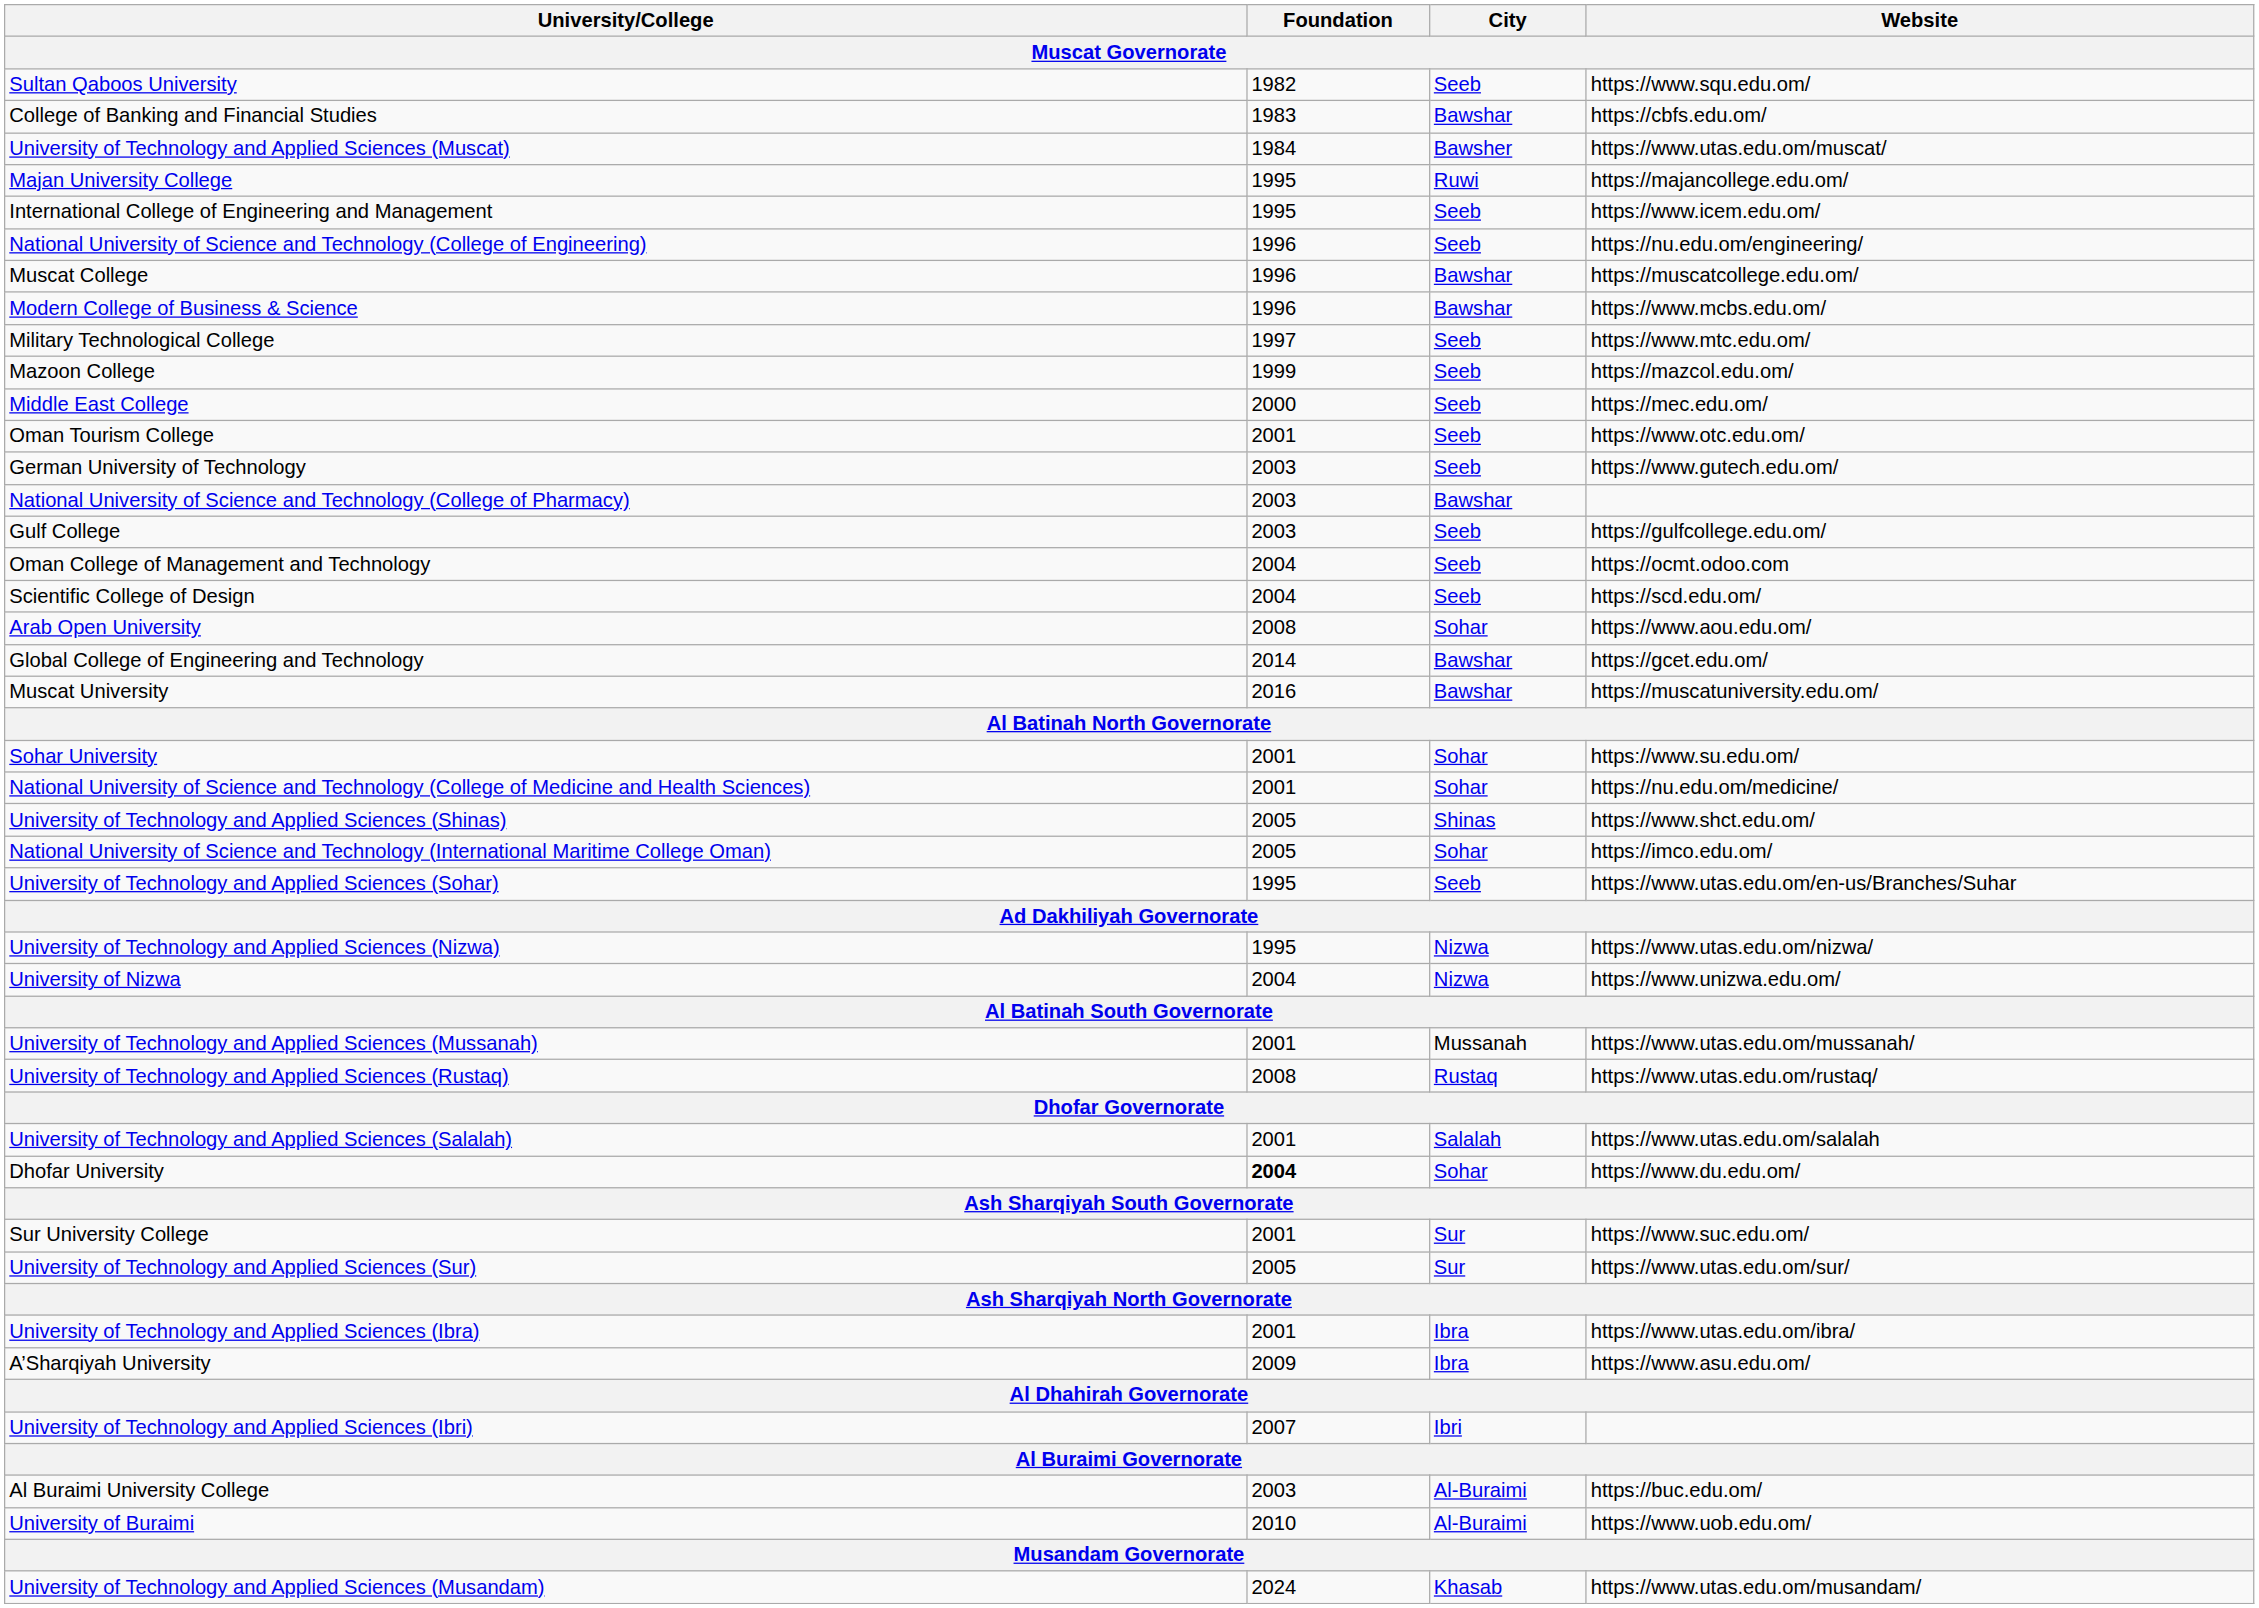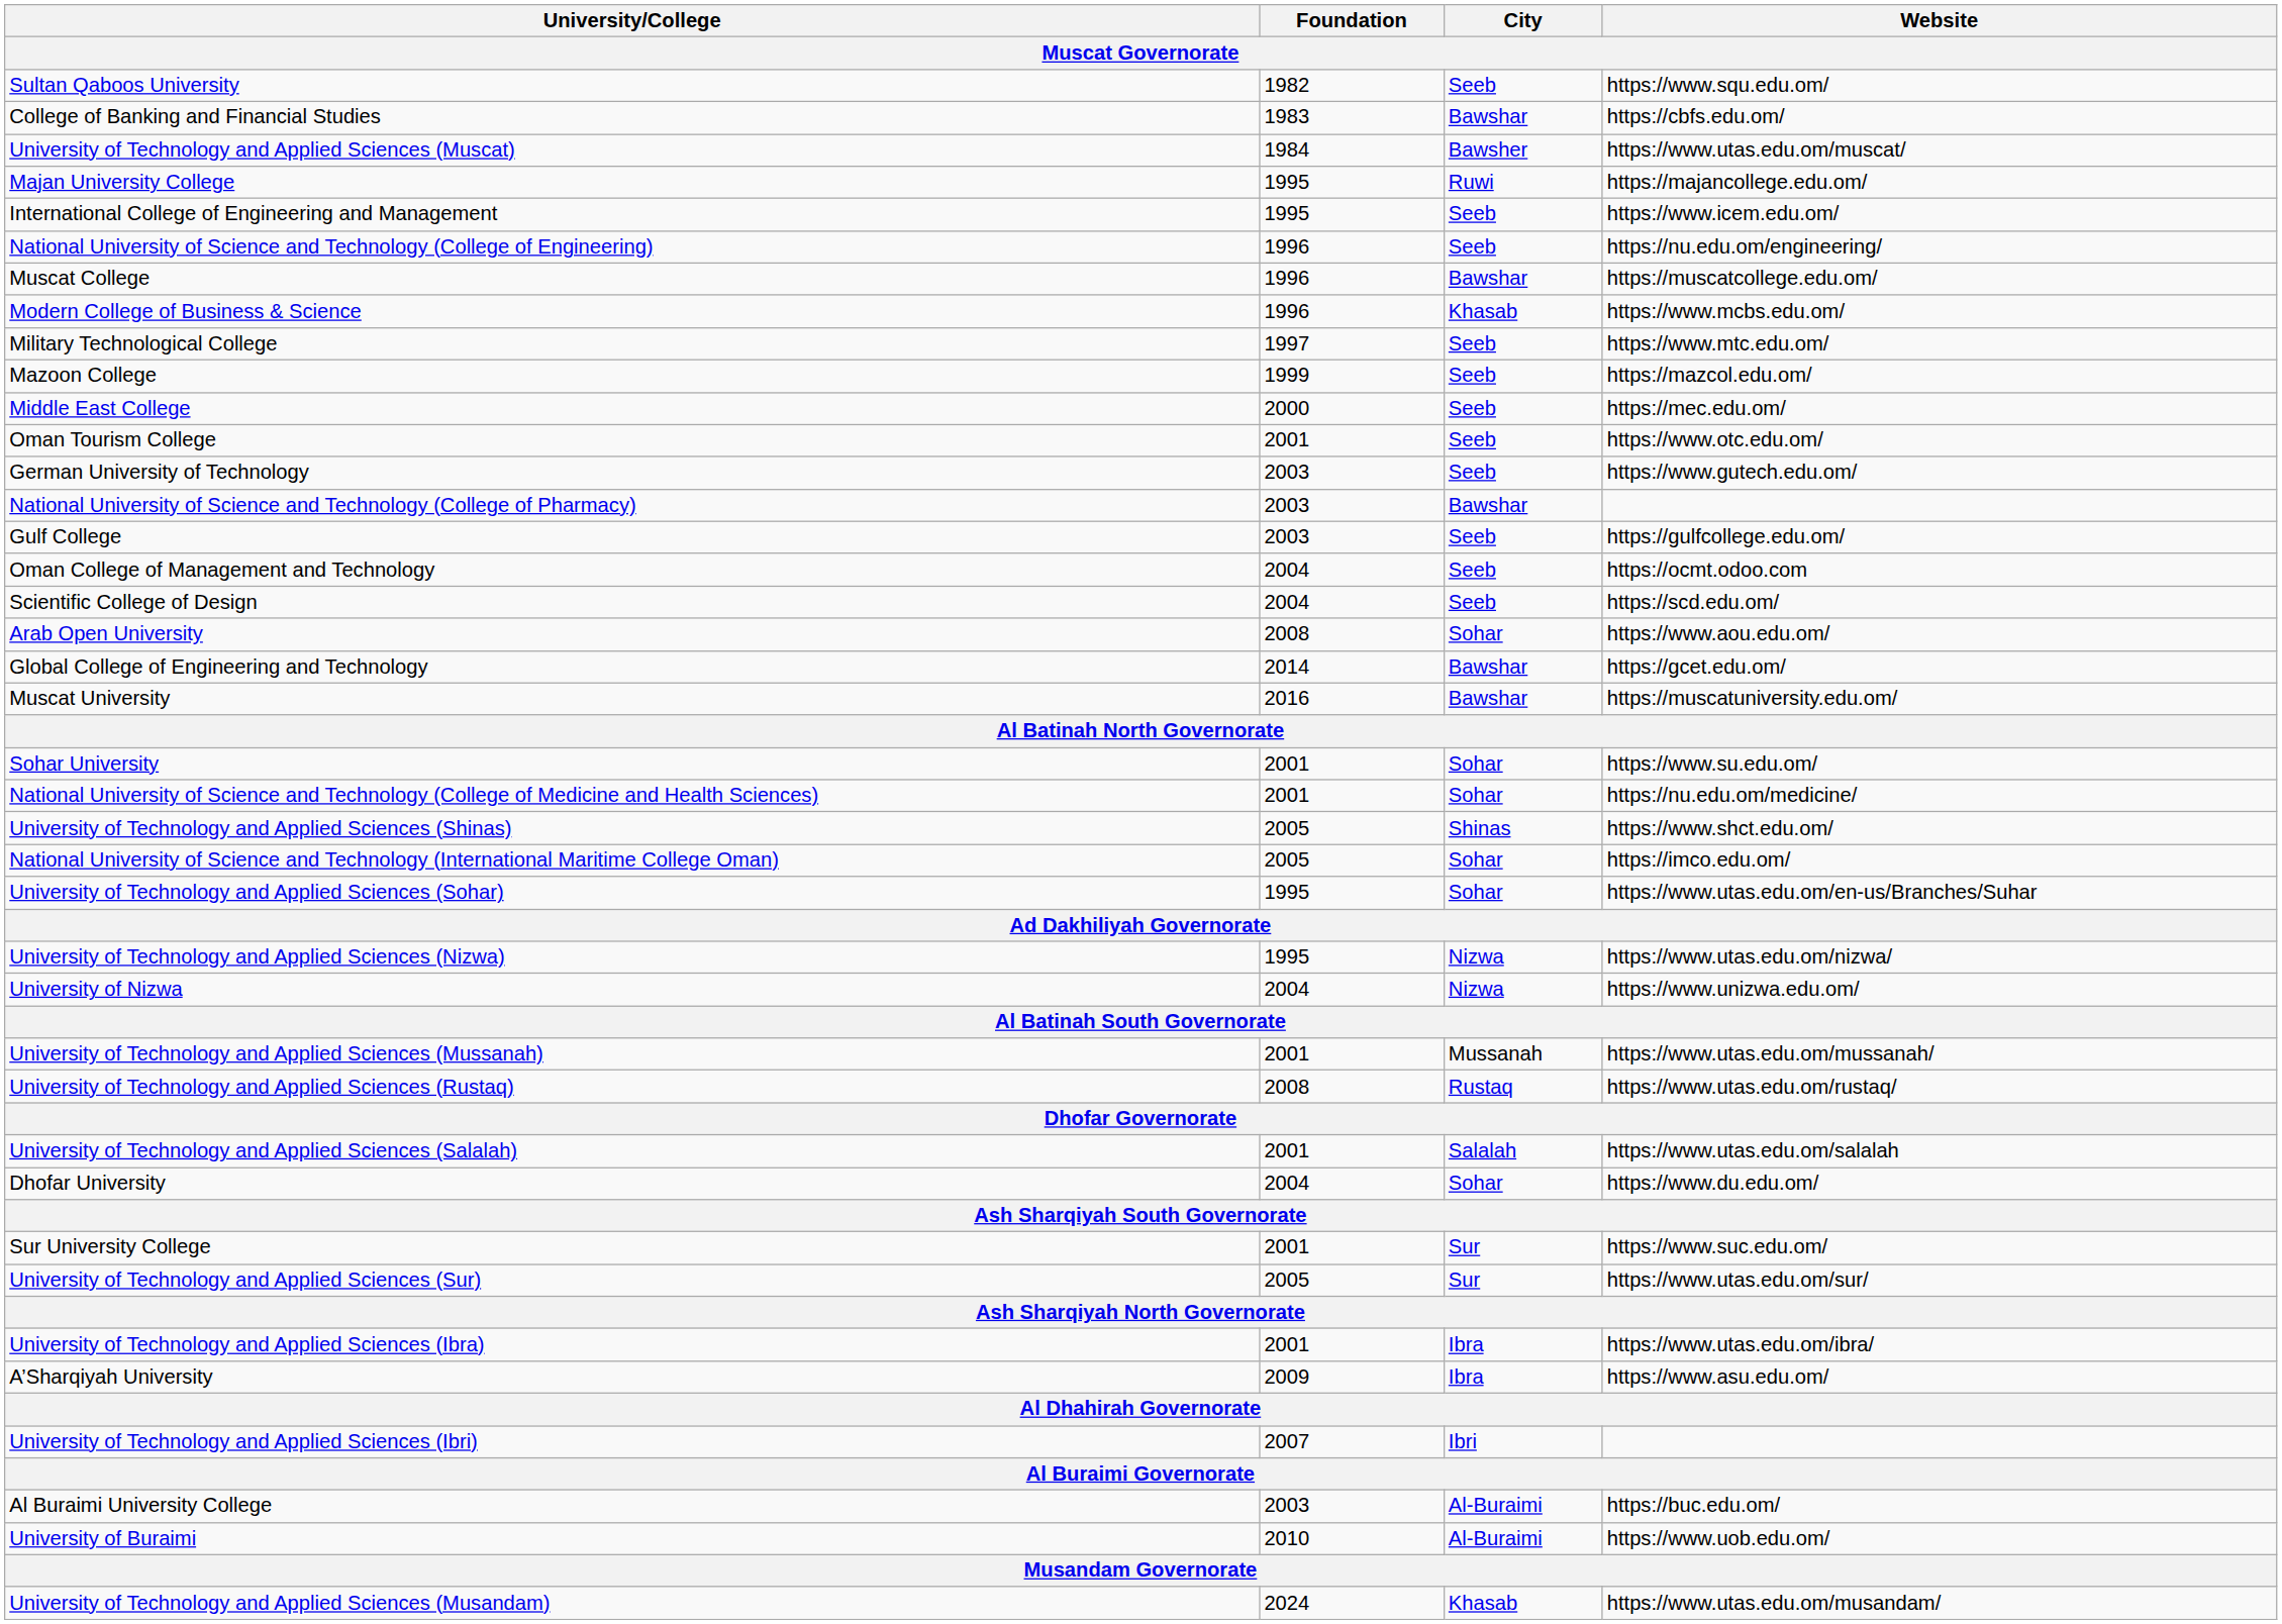 <table class="wikitable" width="90%">
 <tr>
 <th>University/College</th>
 <th>Foundation</th>
 <th>City</th>
 <th><strong>Website</strong></th>
 </tr>
 <tr>
 <th colspan="4"><a href='#'>Muscat Governorate</a></th>
 </tr>
 <tr>
 <td><a href='#'>Sultan Qaboos University</a></td>
 <td>1982</td>
 <td><a href='#'>Seeb</a></td>
 <td>https://www.squ.edu.om/</td>
 </tr>
 <tr>
 <td>College of Banking and Financial Studies</td>
 <td>1983</td>
 <td><a href='#'>Bawshar</a></td>
 <td>https://cbfs.edu.om/</td>
 </tr>
 <tr>
 <td><a href='#'>University of Technology and Applied Sciences (Muscat)</a></td>
 <td>1984</td>
 <td><a href='#'>Bawsher</a></td>
 <td>https://www.utas.edu.om/muscat/</td>
 </tr>
 <tr>
 <td><a href='#'>Majan University College</a></td>
 <td>1995</td>
 <td><a href='#'>Ruwi</a></td>
 <td>https://majancollege.edu.om/</td>
 </tr>
 <tr>
 <td>International College of Engineering and Management</td>
 <td>1995</td>
 <td><a href='#'>Seeb</a></td>
 <td>https://www.icem.edu.om/</td>
 </tr>
 <tr>
 <td><a href='#'>National University of Science and Technology (College of Engineering)</a></td>
 <td>1996</td>
 <td><a href='#'>Seeb</a></td>
 <td>https://nu.edu.om/engineering/</td>
 </tr>
 <tr>
 <td>Muscat College</td>
 <td>1996</td>
 <td><a href='#'>Bawshar</a></td>
 <td>https://muscatcollege.edu.om/</td>
 </tr>
 <tr>
 <td><a href='#'>Modern College of Business & Science</a></td>
 <td>1996</td>
-<td><a href='#'>Bawshar</a></td>
+<td><a href='#'>Khasab</a></td>
 <td>https://www.mcbs.edu.om/</td>
 </tr>
 <tr>
 <td>Military Technological College</td>
 <td>1997</td>
 <td><a href='#'>Seeb</a></td>
 <td>https://www.mtc.edu.om/</td>
 </tr>
 <tr>
 <td>Mazoon College</td>
 <td>1999</td>
 <td><a href='#'>Seeb</a></td>
 <td>https://mazcol.edu.om/</td>
 </tr>
 <tr>
 <td><a href='#'>Middle East College</a></td>
 <td>2000</td>
 <td><a href='#'>Seeb</a></td>
 <td>https://mec.edu.om/</td>
 </tr>
 <tr>
 <td>Oman Tourism College</td>
 <td>2001</td>
 <td><a href='#'>Seeb</a></td>
 <td>https://www.otc.edu.om/</td>
 </tr>
 <tr>
 <td>German University of Technology</td>
 <td>2003</td>
 <td><a href='#'>Seeb</a></td>
 <td>https://www.gutech.edu.om/</td>
 </tr>
 <tr>
 <td><a href='#'>National University of Science and Technology (College of Pharmacy)</a></td>
 <td>2003</td>
 <td><a href='#'>Bawshar</a></td>
 <td></td>
 </tr>
 <tr>
 <td>Gulf College</td>
 <td>2003</td>
 <td><a href='#'>Seeb</a></td>
 <td>https://gulfcollege.edu.om/</td>
 </tr>
 <tr>
 <td>Oman College of Management and Technology</td>
 <td>2004</td>
 <td><a href='#'>Seeb</a></td>
 <td>https://ocmt.odoo.com</td>
 </tr>
 <tr>
 <td>Scientific College of Design</td>
 <td>2004</td>
 <td><a href='#'>Seeb</a></td>
 <td>https://scd.edu.om/</td>
 </tr>
 <tr>
 <td><a href='#'>Arab Open University</a></td>
 <td>2008</td>
 <td><a href='#'>Sohar</a></td>
 <td>https://www.aou.edu.om/</td>
 </tr>
 <tr>
 <td>Global College of Engineering and Technology</td>
 <td>2014</td>
 <td><a href='#'>Bawshar</a></td>
 <td>https://gcet.edu.om/</td>
 </tr>
 <tr>
 <td>Muscat University</td>
 <td>2016</td>
 <td><a href='#'>Bawshar</a></td>
 <td>https://muscatuniversity.edu.om/</td>
 </tr>
 <tr>
 <th colspan="4"><a href='#'>Al Batinah North Governorate</a></th>
 </tr>
 <tr>
 <td><a href='#'>Sohar University</a></td>
 <td>2001</td>
 <td><a href='#'>Sohar</a></td>
 <td>https://www.su.edu.om/</td>
 </tr>
 <tr>
 <td><a href='#'>National University of Science and Technology (College of Medicine and Health Sciences)</a></td>
 <td>2001</td>
 <td><a href='#'>Sohar</a></td>
 <td>https://nu.edu.om/medicine/</td>
 </tr>
 <tr>
 <td><a href='#'>University of Technology and Applied Sciences (Shinas)</a></td>
 <td>2005</td>
 <td><a href='#'>Shinas</a></td>
 <td>https://www.shct.edu.om/</td>
 </tr>
 <tr>
 <td><a href='#'>National University of Science and Technology (International Maritime College Oman)</a></td>
 <td>2005</td>
 <td><a href='#'>Sohar</a></td>
 <td>https://imco.edu.om/</td>
 </tr>
 <tr>
 <td><a href='#'>University of Technology and Applied Sciences (Sohar)</a></td>
 <td>1995</td>
-<td><a href='#'>Seeb</a></td>
+<td><a href='#'>Sohar</a></td>
 <td>https://www.utas.edu.om/en-us/Branches/Suhar</td>
 </tr>
 <tr>
 <th colspan="4"><a href='#'>Ad Dakhiliyah Governorate</a></th>
 </tr>
 <tr>
 <td><a href='#'>University of Technology and Applied Sciences (Nizwa)</a></td>
 <td>1995</td>
 <td><a href='#'>Nizwa</a></td>
 <td>https://www.utas.edu.om/nizwa/</td>
 </tr>
 <tr>
 <td><a href='#'>University of Nizwa</a></td>
 <td>2004</td>
 <td><a href='#'>Nizwa</a></td>
 <td>https://www.unizwa.edu.om/</td>
 </tr>
 <tr>
 <th colspan="4"><a href='#'>Al Batinah South Governorate</a></th>
 </tr>
 <tr>
 <td><a href='#'>University of Technology and Applied Sciences (Mussanah)</a></td>
 <td>2001</td>
 <td>Mussanah</td>
 <td>https://www.utas.edu.om/mussanah/</td>
 </tr>
 <tr>
 <td><a href='#'>University of Technology and Applied Sciences (Rustaq)</a></td>
 <td>2008</td>
 <td><a href='#'>Rustaq</a></td>
 <td>https://www.utas.edu.om/rustaq/</td>
 </tr>
 <tr>
 <th colspan="4"><a href='#'>Dhofar Governorate</a></th>
 </tr>
 <tr>
 <td><a href='#'>University of Technology and Applied Sciences (Salalah)</a></td>
 <td>2001</td>
 <td><a href='#'>Salalah</a></td>
 <td>https://www.utas.edu.om/salalah</td>
 </tr>
 <tr>
 <td>Dhofar University</td>
-<td><strong>2004</strong></td>
+<td>2004</td>
 <td><a href='#'>Sohar</a></td>
 <td>https://www.du.edu.om/</td>
 </tr>
 <tr>
 <th colspan="4"><a href='#'>Ash Sharqiyah South Governorate</a></th>
 </tr>
 <tr>
 <td>Sur University College</td>
 <td>2001</td>
 <td><a href='#'>Sur</a></td>
 <td>https://www.suc.edu.om/</td>
 </tr>
 <tr>
 <td><a href='#'>University of Technology and Applied Sciences (Sur)</a></td>
 <td>2005</td>
 <td><a href='#'>Sur</a></td>
 <td>https://www.utas.edu.om/sur/</td>
 </tr>
 <tr>
 <th colspan="4"><a href='#'>Ash Sharqiyah North Governorate</a></th>
 </tr>
 <tr>
 <td><a href='#'>University of Technology and Applied Sciences (Ibra)</a></td>
 <td>2001</td>
 <td><a href='#'>Ibra</a></td>
 <td>https://www.utas.edu.om/ibra/</td>
 </tr>
 <tr>
 <td>A’Sharqiyah University</td>
 <td>2009</td>
 <td><a href='#'>Ibra</a></td>
 <td>https://www.asu.edu.om/</td>
 </tr>
 <tr>
 <th colspan="4"><a href='#'>Al Dhahirah Governorate</a></th>
 </tr>
 <tr>
 <td><a href='#'>University of Technology and Applied Sciences (Ibri)</a></td>
 <td>2007</td>
 <td><a href='#'>Ibri</a></td>
 <td></td>
 </tr>
 <tr>
 <th colspan="4"><a href='#'>Al Buraimi Governorate</a></th>
 </tr>
 <tr>
 <td>Al Buraimi University College</td>
 <td>2003</td>
 <td><a href='#'>Al-Buraimi</a></td>
 <td>https://buc.edu.om/</td>
 </tr>
 <tr>
 <td><a href='#'>University of Buraimi</a></td>
 <td>2010</td>
 <td><a href='#'>Al-Buraimi</a></td>
 <td>https://www.uob.edu.om/</td>
 </tr>
 <tr>
 <th colspan="4"><a href='#'>Musandam Governorate</a></th>
 </tr>
 <tr>
 <td><a href='#'>University of Technology and Applied Sciences (Musandam)</a></td>
 <td>2024</td>
 <td><a href='#'>Khasab</a></td>
 <td>https://www.utas.edu.om/musandam/</td>
 </tr>
 </table>
